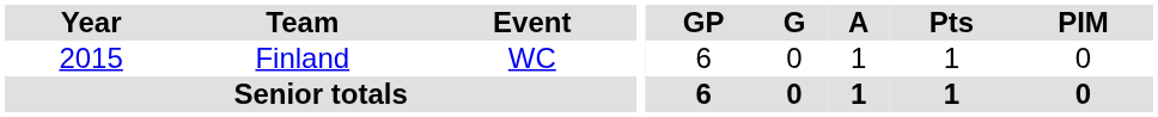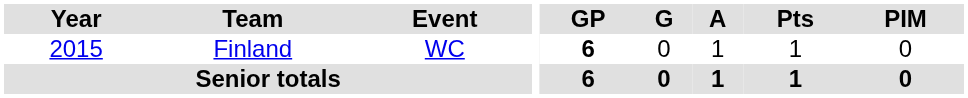 <table border="0" cellpadding="1" cellspacing="0" ID="Table3" style="text-align:center; width:40em">
 <tr ALIGN="center" bgcolor="#e0e0e0">
 <th>Year</th>
 <th>Team</th>
 <th>Event</th>
 <th rowspan="99" bgcolor="#ffffff"></th>
 <th>GP</th>
 <th>G</th>
 <th>A</th>
 <th>Pts</th>
 <th>PIM</th>
 </tr>
 <tr>
 <td><a href='#'>2015</a></td>
 <td><a href='#'>Finland</a></td>
 <td><a href='#'>WC</a></td>
-<td>6</td>
+<td><strong>6</strong></td>
 <td>0</td>
 <td>1</td>
 <td>1</td>
 <td>0</td>
 </tr>
 <tr bgcolor="#e0e0e0">
 <th colspan="3">Senior totals</th>
 <th>6</th>
 <th>0</th>
 <th>1</th>
 <th>1</th>
 <th>0</th>
 </tr>
 </table>
